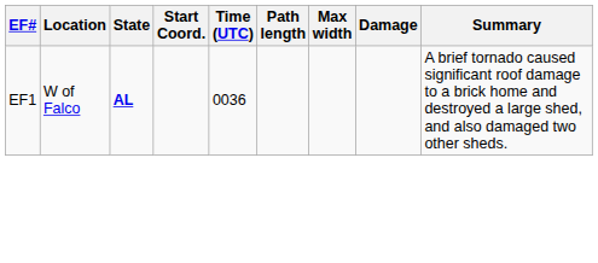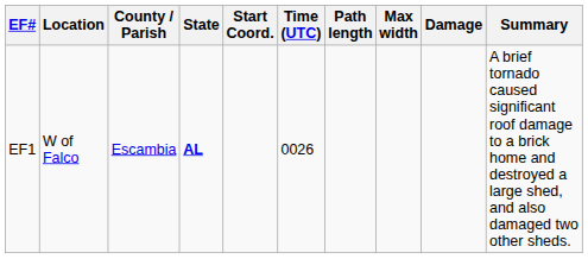 <table class="wikitable sortable" style="width:100%;">
 <tr>
 <th scope="col"  style="width:3%; text-align:center;"><a href='#'>EF#</a></th>
 <th scope="col"  style="width:7%; text-align:center;" class="unsortable">Location</th>
+<th scope="col"  style="width:6%; text-align:center;" class="unsortable">County / Parish</th>
 <th scope="col"  style="width:5%; text-align:center;">State</th>
 <th scope="col"  style="width:6%; text-align:center;">Start Coord.</th>
 <th scope="col"  style="width:6%; text-align:center;">Time (<a href='#'>UTC</a>)</th>
 <th scope="col"  style="width:6%; text-align:center;">Path length</th>
 <th scope="col"  style="width:6%; text-align:center;">Max width</th>
 <th scope="col"  style="width:6%; text-align:center;">Damage</th>
 <th scope="col" class="unsortable" style="width:48%; text-align:center;">Summary</th>
 </tr>
 <tr>
 <td>EF1</td>
 <td>W of <a href='#'>Falco</a></td>
+<td><a href='#'>Escambia</a></td>
 <td><strong><a href='#'>AL</a></strong></td>
 <td></td>
-<td>0036</td>
+<td>0026</td>
 <td></td>
 <td></td>
 <td></td>
 <td>A brief tornado caused significant roof damage to a brick home and destroyed a large shed, and also damaged two other sheds.</td>
 </tr>
 </table>
